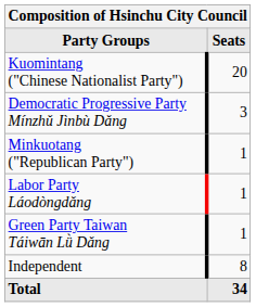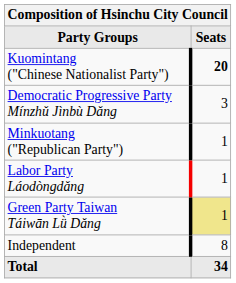 <table class="wikitable">
 <tr>
 <th colspan="2">Composition of Hsinchu City Council</th>
 </tr>
 <tr>
 <th style="background-color:#E9E9E9" align=left>Party Groups</th>
 <th style="background-color:#E9E9E9" align=right>Seats</th>
 </tr>
 <tr>
 <td style="border-right:4px solid "><a href='#'>Kuomintang</a><br>("Chinese Nationalist Party")</td>
-<td align="right">20</td>
+<td align="right"><strong>20</strong></td>
 </tr>
 <tr>
 <td style="border-right:4px solid "><a href='#'>Democratic Progressive Party</a><br><em>Mínzhǔ Jìnbù Dǎng</em></td>
 <td align="right">3</td>
 </tr>
 <tr>
 <td style="border-right:4px solid "><a href='#'>Minkuotang</a><br>("Republican Party")</td>
 <td align="right">1</td>
 </tr>
 <tr>
 <td style="border-right:4px solid #F40000;"><a href='#'>Labor Party</a><br><em>Láodòngdǎng</em></td>
 <td align="right">1</td>
 </tr>
 <tr>
 <td style="border-right:4px solid "><a href='#'>Green Party Taiwan</a><br><em>Táiwān Lǜ Dǎng</em></td>
-<td align="right">1</td>
+<td align="right" style="background: khaki;">1</td>
 </tr>
 <tr>
 <td style="border-right:4px solid ">Independent</td>
 <td align="right">8</td>
 </tr>
 <tr>
 <td align=left style="background-color:#E9E9E9" align=left><strong>Total</strong></td>
 <td style="background-color:#E9E9E9" align=right><strong>34</strong></td>
 </tr>
 </table>
